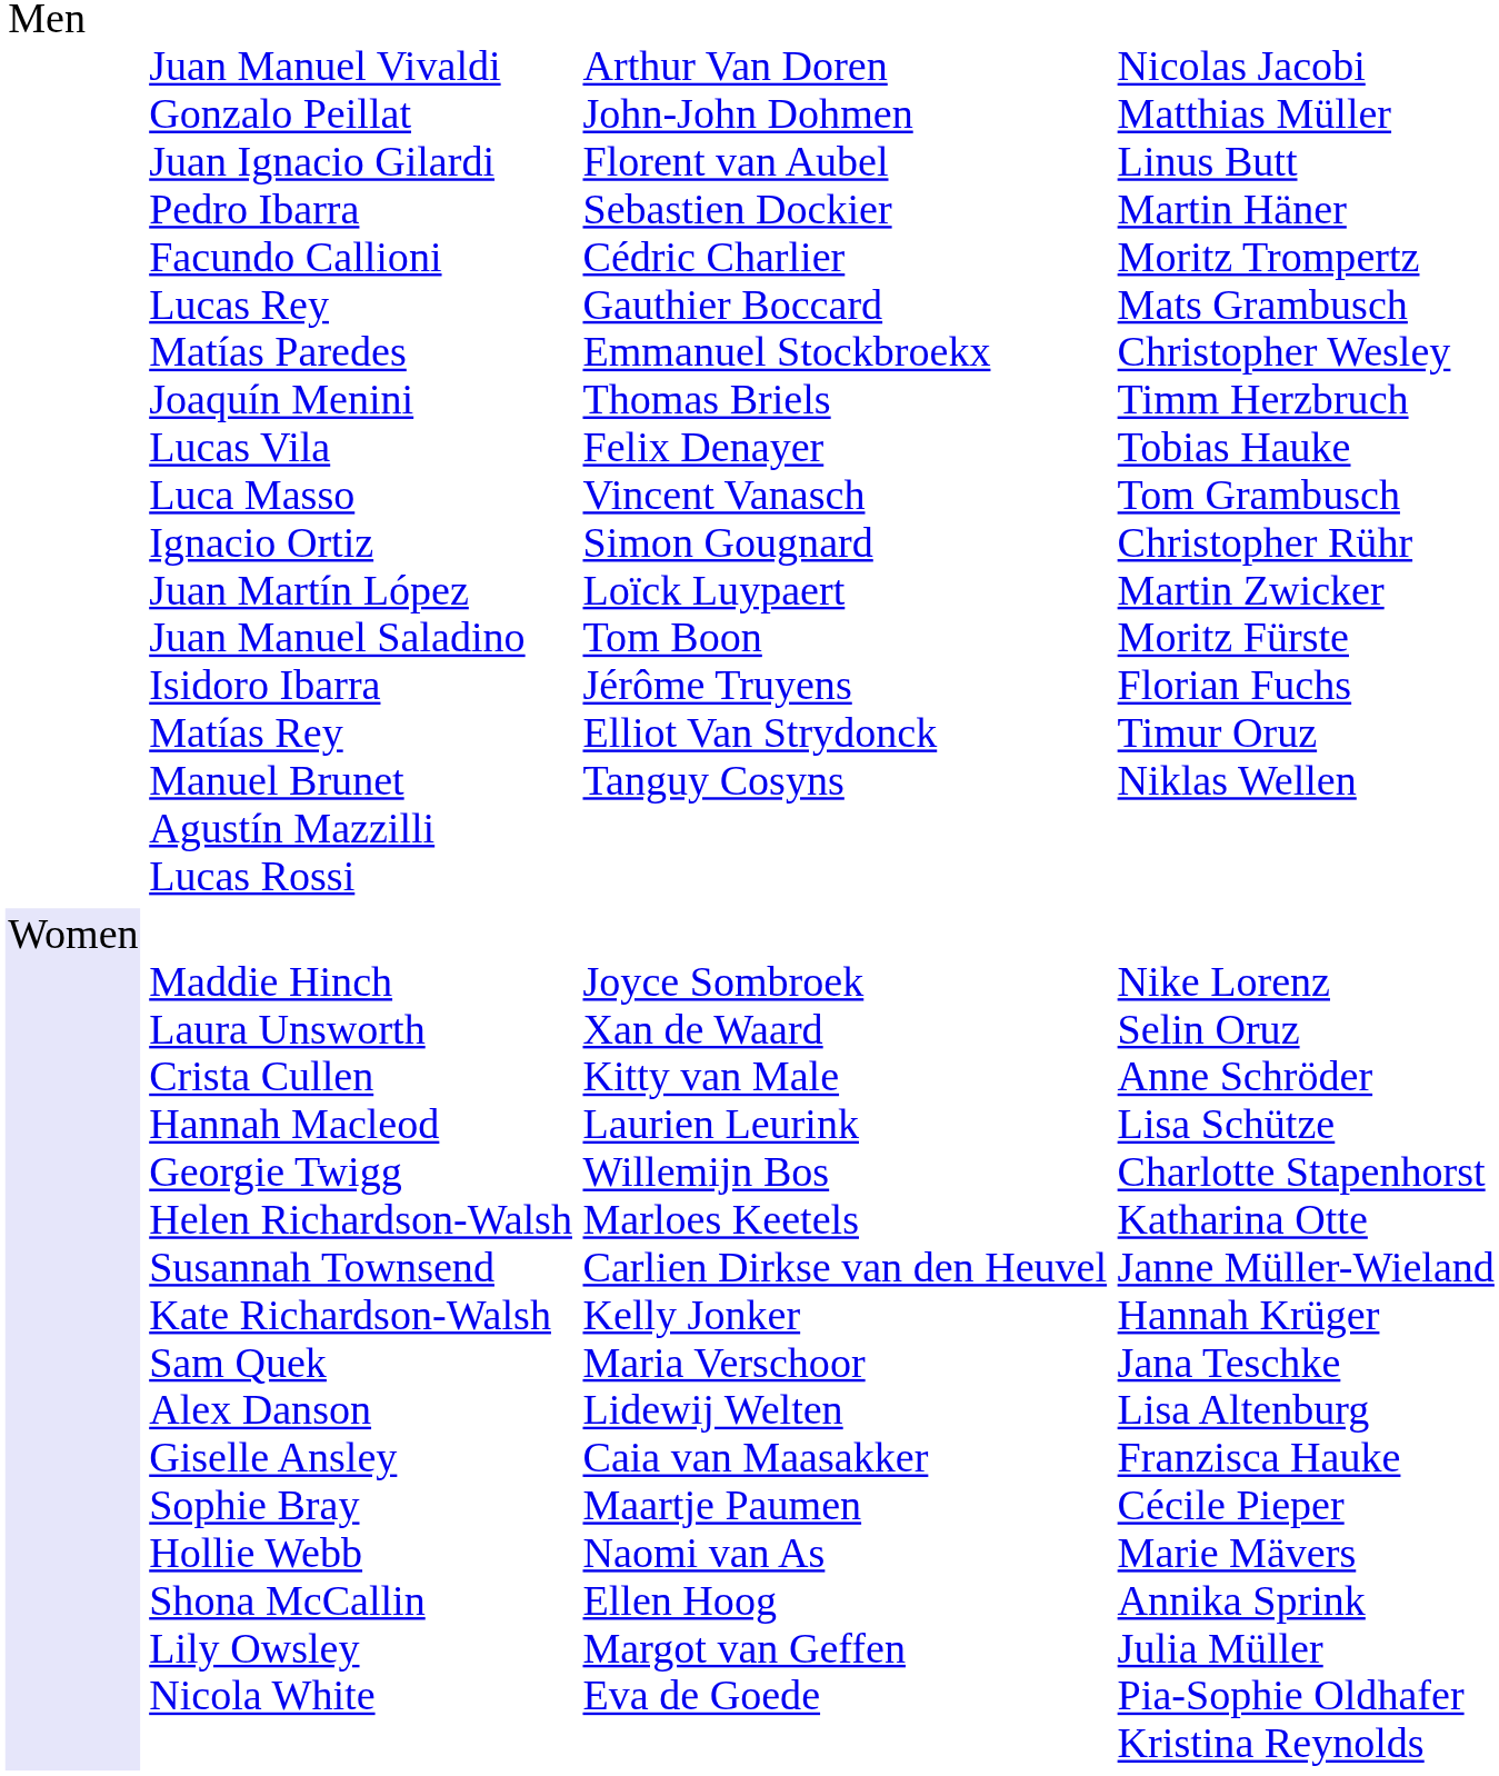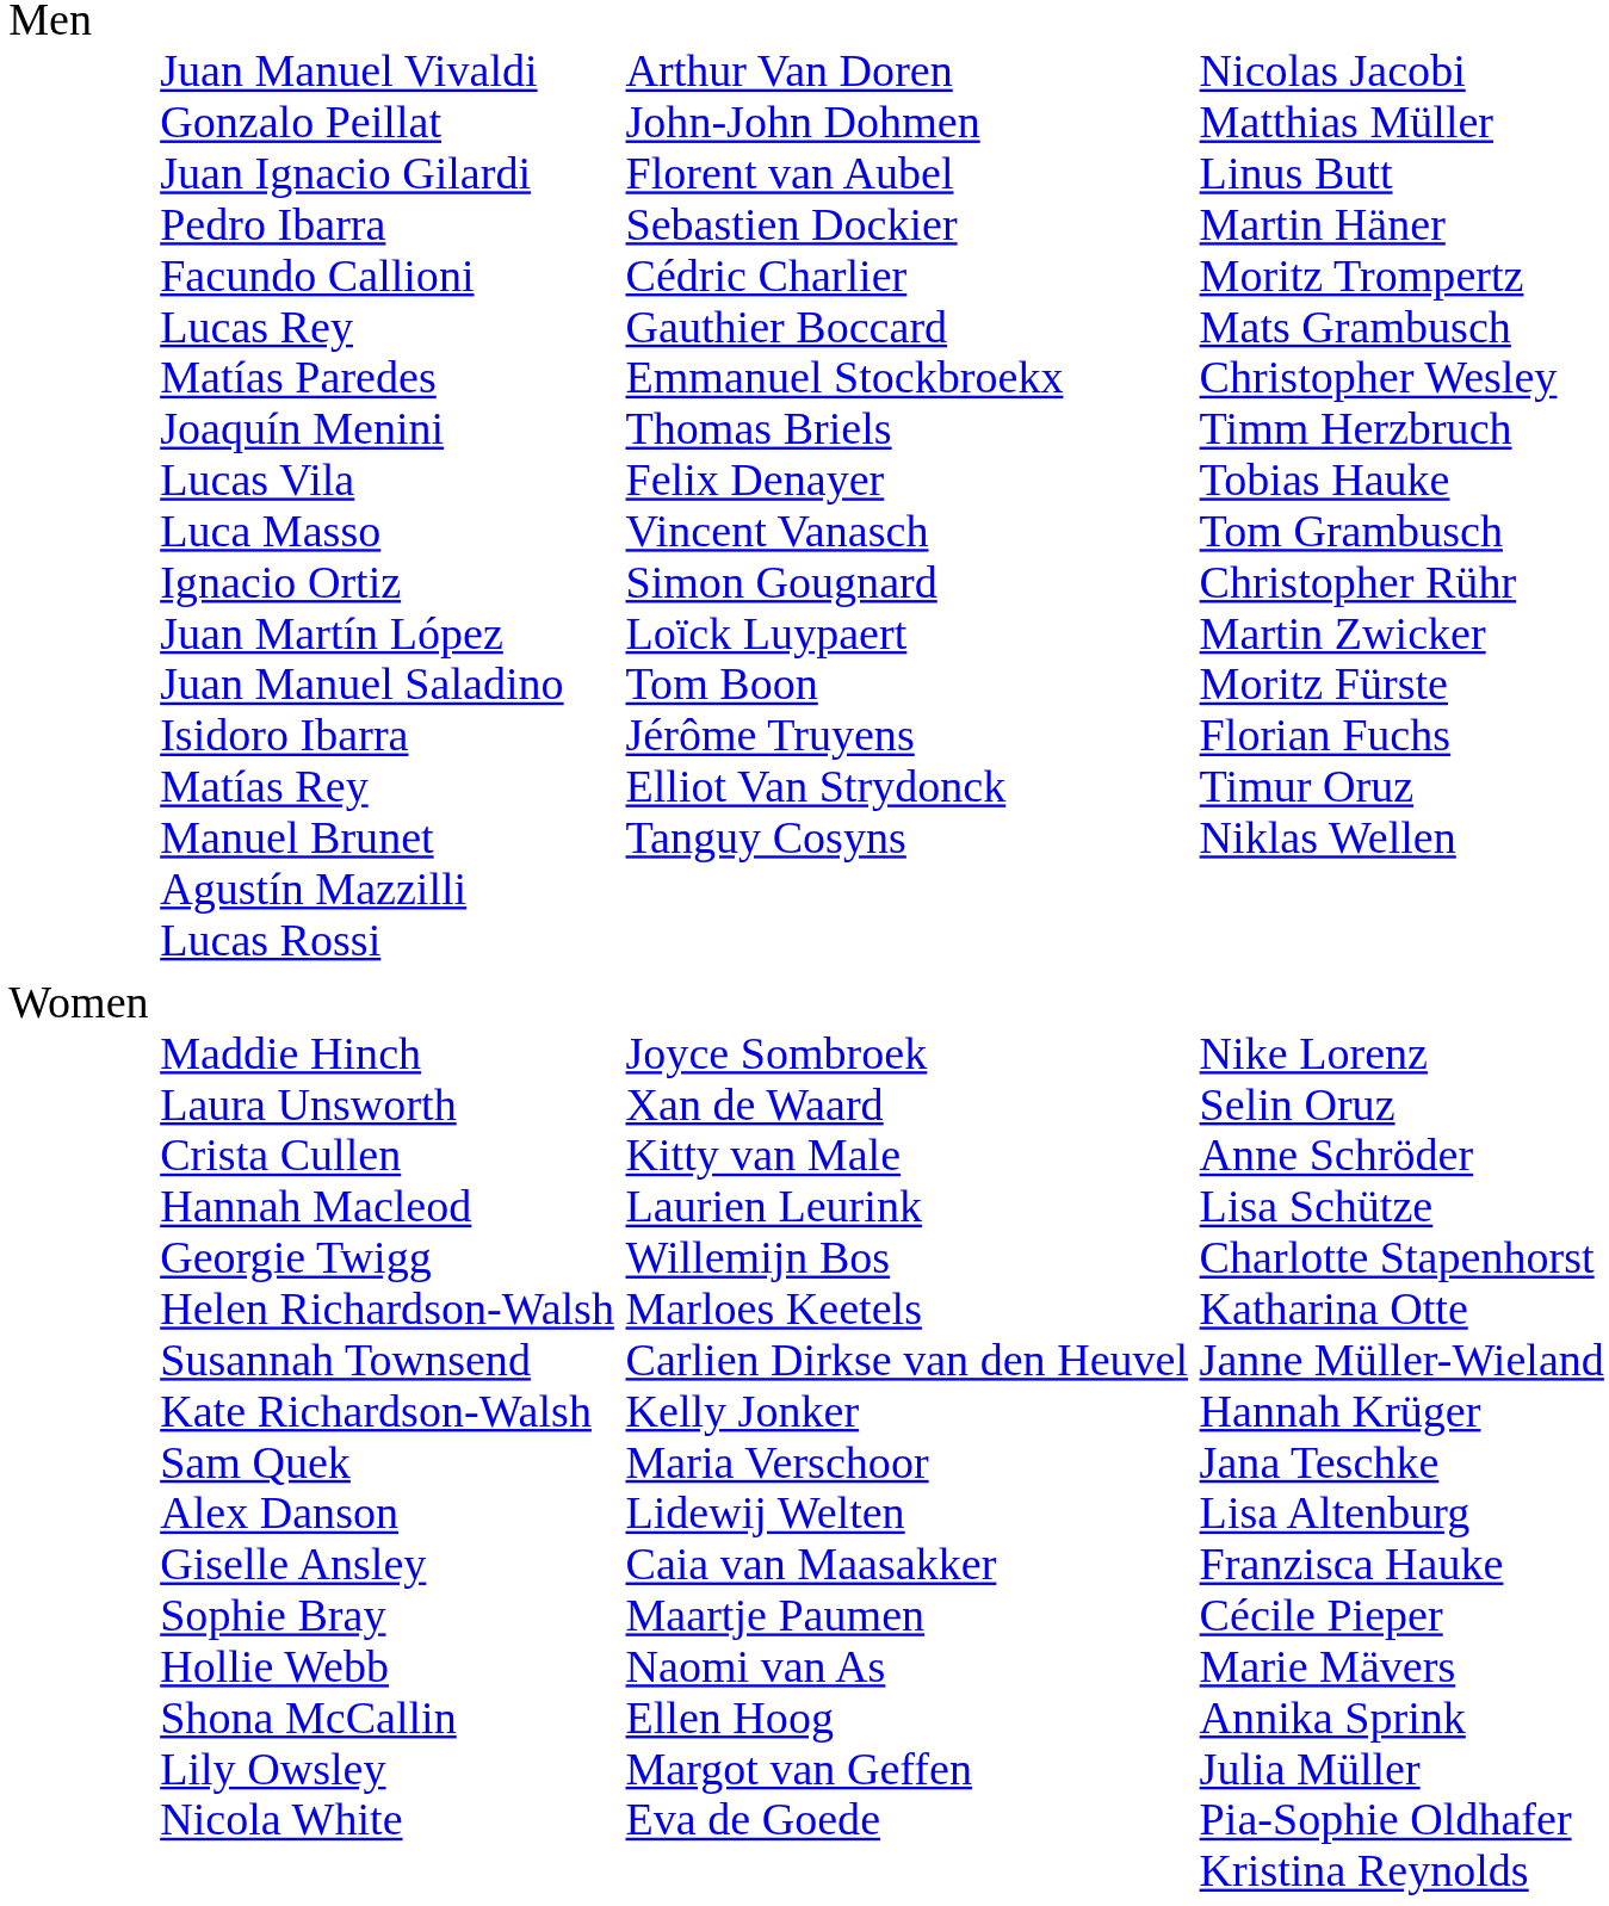 <table>
 <tr valign="top">
 <td>Men<br></td>
 <td><br><a href='#'>Juan Manuel Vivaldi</a><br><a href='#'>Gonzalo Peillat</a><br><a href='#'>Juan Ignacio Gilardi</a><br><a href='#'>Pedro Ibarra</a><br><a href='#'>Facundo Callioni</a><br><a href='#'>Lucas Rey</a><br><a href='#'>Matías Paredes</a><br><a href='#'>Joaquín Menini</a><br><a href='#'>Lucas Vila</a><br><a href='#'>Luca Masso</a><br><a href='#'>Ignacio Ortiz</a><br><a href='#'>Juan Martín López</a><br><a href='#'>Juan Manuel Saladino</a><br><a href='#'>Isidoro Ibarra</a><br><a href='#'>Matías Rey</a><br><a href='#'>Manuel Brunet</a><br><a href='#'>Agustín Mazzilli</a><br><a href='#'>Lucas Rossi</a></td>
 <td><br><a href='#'>Arthur Van Doren</a><br><a href='#'>John-John Dohmen</a><br><a href='#'>Florent van Aubel</a><br><a href='#'>Sebastien Dockier</a><br><a href='#'>Cédric Charlier</a><br><a href='#'>Gauthier Boccard</a><br><a href='#'>Emmanuel Stockbroekx</a><br><a href='#'>Thomas Briels</a><br><a href='#'>Felix Denayer</a><br><a href='#'>Vincent Vanasch</a><br><a href='#'>Simon Gougnard</a><br><a href='#'>Loïck Luypaert</a><br><a href='#'>Tom Boon</a><br><a href='#'>Jérôme Truyens</a><br><a href='#'>Elliot Van Strydonck</a><br><a href='#'>Tanguy Cosyns</a><br><br></td>
 <td><br><a href='#'>Nicolas Jacobi</a><br><a href='#'>Matthias Müller</a><br><a href='#'>Linus Butt</a><br><a href='#'>Martin Häner</a><br><a href='#'>Moritz Trompertz</a><br><a href='#'>Mats Grambusch</a><br><a href='#'>Christopher Wesley</a><br><a href='#'>Timm Herzbruch</a><br><a href='#'>Tobias Hauke</a><br><a href='#'>Tom Grambusch</a><br><a href='#'>Christopher Rühr</a><br><a href='#'>Martin Zwicker</a><br><a href='#'>Moritz Fürste</a><br><a href='#'>Florian Fuchs</a><br><a href='#'>Timur Oruz</a><br><a href='#'>Niklas Wellen</a><br><br></td>
 </tr>
 <tr valign="top">
-<td style="background: lavender;">Women<br></td>
+<td>Women<br></td>
 <td><br><a href='#'>Maddie Hinch</a><br><a href='#'>Laura Unsworth</a><br><a href='#'>Crista Cullen</a><br><a href='#'>Hannah Macleod</a><br><a href='#'>Georgie Twigg</a><br><a href='#'>Helen Richardson-Walsh</a><br><a href='#'>Susannah Townsend</a><br><a href='#'>Kate Richardson-Walsh</a><br><a href='#'>Sam Quek</a><br><a href='#'>Alex Danson</a><br><a href='#'>Giselle Ansley</a><br><a href='#'>Sophie Bray</a><br><a href='#'>Hollie Webb</a><br><a href='#'>Shona McCallin</a><br><a href='#'>Lily Owsley</a><br><a href='#'>Nicola White</a></td>
 <td><br><a href='#'>Joyce Sombroek</a><br><a href='#'>Xan de Waard</a><br><a href='#'>Kitty van Male</a><br><a href='#'>Laurien Leurink</a><br><a href='#'>Willemijn Bos</a><br><a href='#'>Marloes Keetels</a><br><a href='#'>Carlien Dirkse van den Heuvel</a><br><a href='#'>Kelly Jonker</a><br><a href='#'>Maria Verschoor</a><br><a href='#'>Lidewij Welten</a><br><a href='#'>Caia van Maasakker</a><br><a href='#'>Maartje Paumen</a><br><a href='#'>Naomi van As</a><br><a href='#'>Ellen Hoog</a><br><a href='#'>Margot van Geffen</a><br><a href='#'>Eva de Goede</a></td>
 <td><br><a href='#'>Nike Lorenz</a><br><a href='#'>Selin Oruz</a><br><a href='#'>Anne Schröder</a><br><a href='#'>Lisa Schütze</a><br><a href='#'>Charlotte Stapenhorst</a><br><a href='#'>Katharina Otte</a><br><a href='#'>Janne Müller-Wieland</a><br><a href='#'>Hannah Krüger</a><br><a href='#'>Jana Teschke</a><br><a href='#'>Lisa Altenburg</a><br><a href='#'>Franzisca Hauke</a><br><a href='#'>Cécile Pieper</a><br><a href='#'>Marie Mävers</a><br><a href='#'>Annika Sprink</a><br><a href='#'>Julia Müller</a><br><a href='#'>Pia-Sophie Oldhafer</a><br><a href='#'>Kristina Reynolds</a></td>
 </tr>
 </table>
